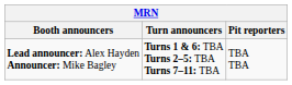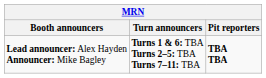 <table class="wikitable" style="font-size: 95%">
 <tr>
 <th colspan="3"><a href='#'>MRN</a></th>
 </tr>
 <tr>
 <th>Booth announcers</th>
 <th>Turn announcers</th>
 <th>Pit reporters</th>
 </tr>
 <tr>
 <td><strong>Lead announcer:</strong> Alex Hayden<br><strong>Announcer:</strong> Mike Bagley</td>
 <td><strong>Turns 1 & 6:</strong> TBA<br><strong>Turns 2–5:</strong> TBA<br><strong>Turns 7–11:</strong> TBA</td>
-<td>TBA<br>TBA</td>
+<td><strong>TBA<br>TBA</strong></td>
 </tr>
 </table>
